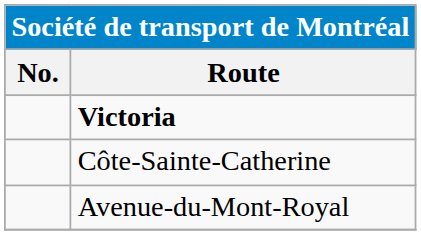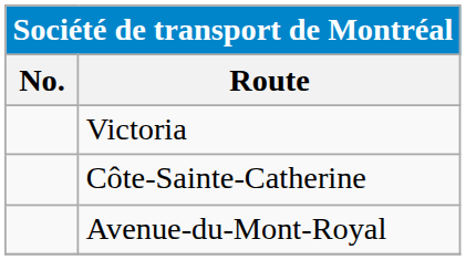 <table align=center class="wikitable">
 <tr>
 <th style="background: #0085CA; font-size:100%; color:#FFFFFF;"colspan="4">Société de transport de Montréal</th>
 </tr>
 <tr>
 <th>No.</th>
 <th>Route</th>
 </tr>
 <tr>
 <td></td>
-<td><strong>Victoria</strong></td>
+<td>Victoria</td>
 </tr>
 <tr>
 <td></td>
 <td>Côte-Sainte-Catherine</td>
 </tr>
 <tr>
 <td {{Avoid wrap> </td>
 <td>Avenue-du-Mont-Royal</td>
 </tr>
 <tr>
 </tr>
 </table>
